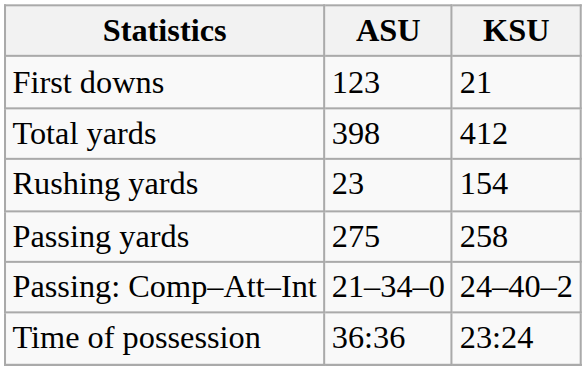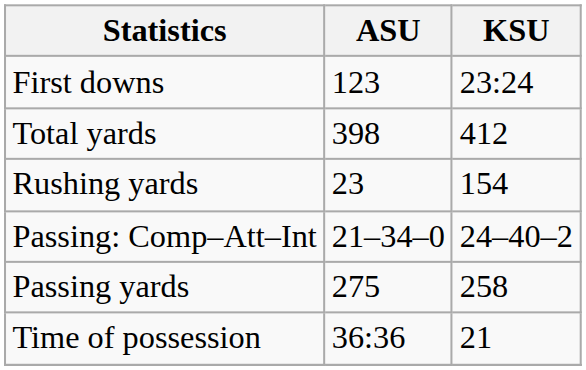 <table class="wikitable" style="float: left;">
 <tr>
 <th>Statistics</th>
 <th>ASU</th>
 <th>KSU</th>
 </tr>
 <tr>
 <td>First downs</td>
 <td>123</td>
-<td>21</td>
+<td>23:24</td>
 </tr>
 <tr>
 <td>Total yards</td>
 <td>398</td>
 <td>412</td>
 </tr>
 <tr>
 <td>Rushing yards</td>
 <td>23</td>
 <td>154</td>
 </tr>
 <tr>
+<td>Passing: Comp–Att–Int</td>
+<td>21–34–0</td>
+<td>24–40–2</td>
+</tr>
+<tr>
 <td>Passing yards</td>
 <td>275</td>
 <td>258</td>
 </tr>
 <tr>
-<td>Passing: Comp–Att–Int</td>
-<td>21–34–0</td>
-<td>24–40–2</td>
-</tr>
-<tr>
 <td>Time of possession</td>
 <td>36:36</td>
-<td>23:24</td>
+<td>21</td>
 </tr>
 <tr>
 </tr>
 </table>
